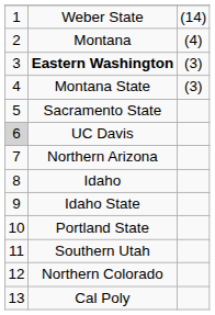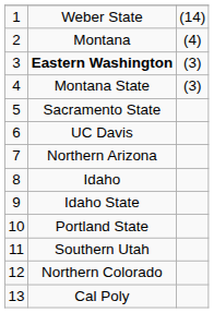 <table class="wikitable" style="display: inline-table;">
 <tr align="center">
 </tr>
 <tr align="center">
 <td>1</td>
 <td>Weber State</td>
 <td>(14)</td>
 </tr>
 <tr align="center">
 <td>2</td>
 <td>Montana</td>
 <td>(4)</td>
 </tr>
 <tr align="center">
 <td>3</td>
 <td><strong>Eastern Washington</strong></td>
 <td>(3)</td>
 </tr>
 <tr align="center">
 <td>4</td>
 <td>Montana State</td>
 <td>(3)</td>
 </tr>
 <tr align="center">
 <td>5</td>
 <td>Sacramento State</td>
 <td></td>
 </tr>
 <tr align="center">
-<td style="background: lightgrey;">6</td>
+<td>6</td>
 <td>UC Davis</td>
 <td></td>
 </tr>
 <tr align="center">
 <td>7</td>
 <td>Northern Arizona</td>
 <td></td>
 </tr>
 <tr align="center">
 <td>8</td>
 <td>Idaho</td>
 <td></td>
 </tr>
 <tr align="center">
 <td>9</td>
 <td>Idaho State</td>
 <td></td>
 </tr>
 <tr align="center">
 <td>10</td>
 <td>Portland State</td>
 <td></td>
 </tr>
 <tr align="center">
 <td>11</td>
 <td>Southern Utah</td>
 <td></td>
 </tr>
 <tr align="center">
 <td>12</td>
 <td>Northern Colorado</td>
 <td></td>
 </tr>
 <tr align="center">
 <td>13</td>
 <td>Cal Poly</td>
 <td></td>
 </tr>
 </table>
